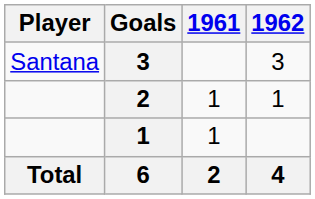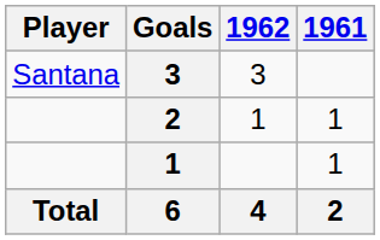 <table class="wikitable sortable" style="text-align:center;">
 <tr>
 <th>Player</th>
 <th>Goals</th>
+<th><a href='#'>1962</a></th>
 <th><a href='#'>1961</a></th>
-<th><a href='#'>1962</a></th>
 </tr>
 <tr>
 <td align="left"> <a href='#'>Santana</a></td>
 <th>3</th>
+<td>3</td>
 <td></td>
-<td>3</td>
 </tr>
 <tr>
 <td align="left"> </td>
 <th>2</th>
 <td>1</td>
 <td>1</td>
 </tr>
 <tr>
 <td align="left"> </td>
 <th>1</th>
+<td></td>
 <td>1</td>
-<td></td>
 </tr>
 <tr class="sortbottom">
 <th>Total</th>
 <th>6</th>
+<th>4</th>
 <th>2</th>
-<th>4</th>
 </tr>
 </table>
